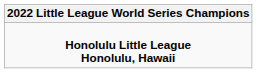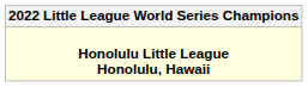 <table class="wikitable" style="text-align: center; margin: 0 auto;">
 <tr>
 <th>2022 Little League World Series Champions</th>
 </tr>
 <tr>
-<td> <br><strong>Honolulu Little League</strong><br><strong> Honolulu, Hawaii</strong></td>
+<td style="background: lightyellow;"> <br><strong>Honolulu Little League</strong><br><strong> Honolulu, Hawaii</strong></td>
 </tr>
 </table>
